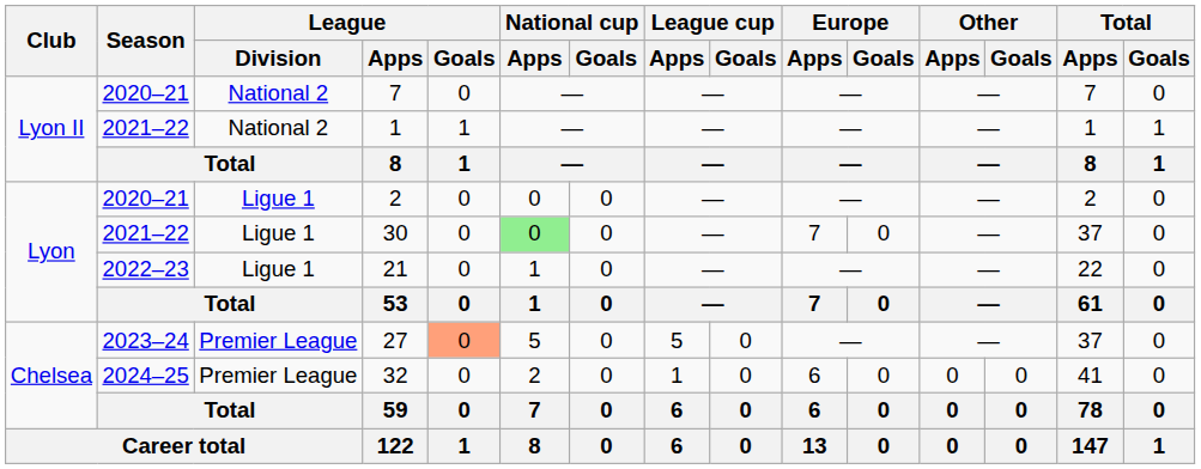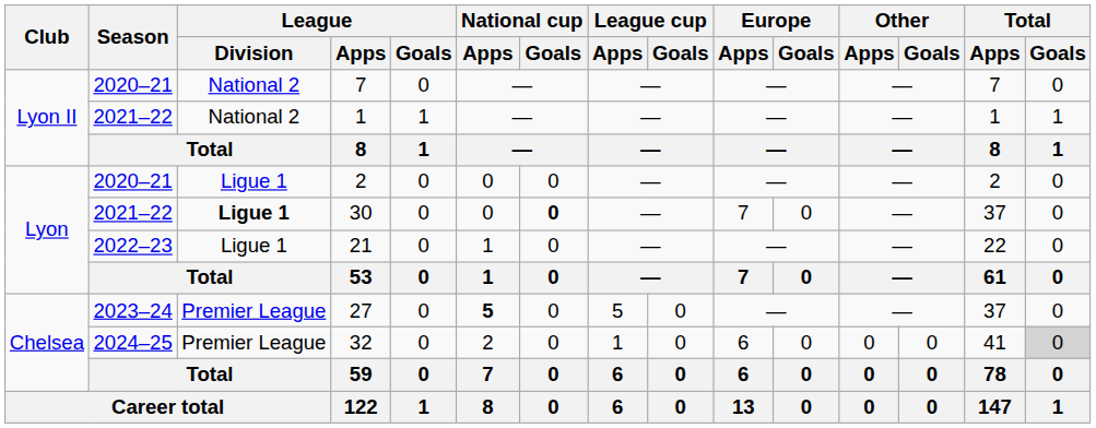 <table class="wikitable" style="text-align: center;">
 <tr>
 <th rowspan="2">Club</th>
 <th rowspan="2">Season</th>
 <th colspan="3">League</th>
 <th colspan="2">National cup</th>
 <th colspan="2">League cup</th>
 <th colspan="2">Europe</th>
 <th colspan="2">Other</th>
 <th colspan="2">Total</th>
 </tr>
 <tr>
 <th>Division</th>
 <th>Apps</th>
 <th>Goals</th>
 <th>Apps</th>
 <th>Goals</th>
 <th>Apps</th>
 <th>Goals</th>
 <th>Apps</th>
 <th>Goals</th>
 <th>Apps</th>
 <th>Goals</th>
 <th>Apps</th>
 <th>Goals</th>
 </tr>
 <tr>
 <td rowspan="3"><a href='#'>Lyon II</a></td>
 <td><a href='#'>2020–21</a></td>
 <td><a href='#'>National 2</a></td>
 <td>7</td>
 <td>0</td>
 <td colspan="2">—</td>
 <td colspan="2">—</td>
 <td colspan="2">—</td>
 <td colspan="2">—</td>
 <td>7</td>
 <td>0</td>
 </tr>
 <tr>
 <td><a href='#'>2021–22</a></td>
 <td>National 2</td>
 <td>1</td>
 <td>1</td>
 <td colspan="2">—</td>
 <td colspan="2">—</td>
 <td colspan="2">—</td>
 <td colspan="2">—</td>
 <td>1</td>
 <td>1</td>
 </tr>
 <tr>
 <th colspan="2">Total</th>
 <th>8</th>
 <th>1</th>
 <th colspan="2">—</th>
 <th colspan="2">—</th>
 <th colspan="2">—</th>
 <th colspan="2">—</th>
 <th>8</th>
 <th>1</th>
 </tr>
 <tr>
 <td rowspan="4"><a href='#'>Lyon</a></td>
 <td><a href='#'>2020–21</a></td>
 <td><a href='#'>Ligue 1</a></td>
 <td>2</td>
 <td>0</td>
 <td>0</td>
 <td>0</td>
 <td colspan="2">—</td>
 <td colspan="2">—</td>
 <td colspan="2">—</td>
 <td>2</td>
 <td>0</td>
 </tr>
 <tr>
 <td><a href='#'>2021–22</a></td>
-<td>Ligue 1</td>
+<td><strong>Ligue 1</strong></td>
 <td>30</td>
 <td>0</td>
-<td style="background: lightgreen;">0</td>
 <td>0</td>
+<td><strong>0</strong></td>
 <td colspan="2">—</td>
 <td>7</td>
 <td>0</td>
 <td colspan="2">—</td>
 <td>37</td>
 <td>0</td>
 </tr>
 <tr>
 <td><a href='#'>2022–23</a></td>
 <td>Ligue 1</td>
 <td>21</td>
 <td>0</td>
 <td>1</td>
 <td>0</td>
 <td colspan="2">—</td>
 <td colspan="2">—</td>
 <td colspan="2">—</td>
 <td>22</td>
 <td>0</td>
 </tr>
 <tr>
 <th colspan="2">Total</th>
 <th>53</th>
 <th>0</th>
 <th>1</th>
 <th>0</th>
 <th colspan="2">—</th>
 <th>7</th>
 <th>0</th>
 <th colspan="2">—</th>
 <th>61</th>
 <th>0</th>
 </tr>
 <tr>
 <td rowspan="3"><a href='#'>Chelsea</a></td>
 <td><a href='#'>2023–24</a></td>
 <td><a href='#'>Premier League</a></td>
 <td>27</td>
-<td style="background: lightsalmon;">0</td>
-<td>5</td>
+<td>0</td>
+<td><strong>5</strong></td>
 <td>0</td>
 <td>5</td>
 <td>0</td>
 <td colspan="2">—</td>
 <td colspan="2">—</td>
 <td>37</td>
 <td>0</td>
 </tr>
 <tr>
 <td><a href='#'>2024–25</a></td>
 <td>Premier League</td>
 <td>32</td>
 <td>0</td>
 <td>2</td>
 <td>0</td>
 <td>1</td>
 <td>0</td>
 <td>6</td>
 <td>0</td>
 <td>0</td>
 <td>0</td>
 <td>41</td>
-<td>0</td>
+<td style="background: lightgrey;">0</td>
 </tr>
 <tr>
 <th colspan="2">Total</th>
 <th>59</th>
 <th>0</th>
 <th>7</th>
 <th>0</th>
 <th>6</th>
 <th>0</th>
 <th>6</th>
 <th>0</th>
 <th>0</th>
 <th>0</th>
 <th>78</th>
 <th>0</th>
 </tr>
 <tr>
 <th colspan="3">Career total</th>
 <th>122</th>
 <th>1</th>
 <th>8</th>
 <th>0</th>
 <th>6</th>
 <th>0</th>
 <th>13</th>
 <th>0</th>
 <th>0</th>
 <th>0</th>
 <th>147</th>
 <th>1</th>
 </tr>
 </table>
